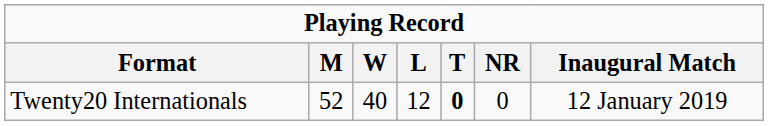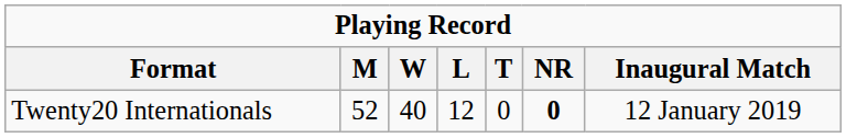 <table class="wikitable" style="text-align: center; width: 500px;">
 <tr>
 <td colspan=7 align="center"><strong>Playing Record</strong></td>
 </tr>
 <tr>
 <th>Format</th>
 <th>M</th>
 <th>W</th>
 <th>L</th>
 <th>T</th>
 <th>NR</th>
 <th>Inaugural Match</th>
 </tr>
 <tr>
 <td align="left">Twenty20 Internationals</td>
 <td>52</td>
 <td>40</td>
 <td>12</td>
+<td>0</td>
 <td><strong>0</strong></td>
-<td>0</td>
 <td>12 January 2019</td>
 </tr>
 </table>
